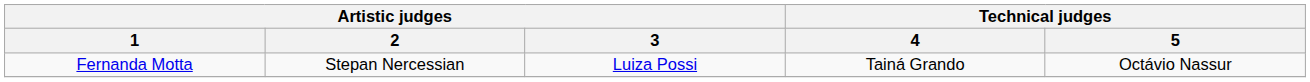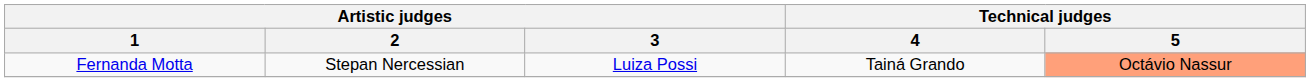 <table class="wikitable" style="font-size:100%; line-height:16px; text-align:center" width="100%">
 <tr>
 <th colspan=3>Artistic judges</th>
 <th colspan=2>Technical judges</th>
 </tr>
 <tr>
 <th width="20.0%">1</th>
 <th width="20.0%">2</th>
 <th width="20.0%">3</th>
 <th width="20.0%">4</th>
 <th width="20.0%">5</th>
 </tr>
 <tr>
 <td><a href='#'>Fernanda Motta</a></td>
 <td>Stepan Nercessian</td>
 <td><a href='#'>Luiza Possi</a></td>
 <td>Tainá Grando</td>
-<td>Octávio Nassur</td>
+<td style="background: lightsalmon;">Octávio Nassur</td>
 </tr>
 <tr>
 </tr>
 </table>
